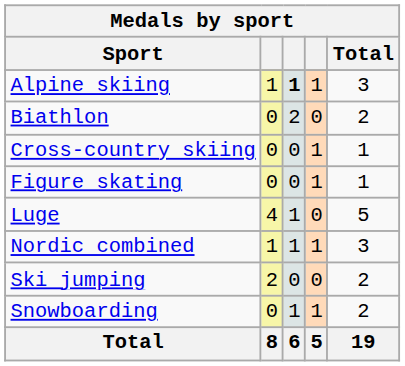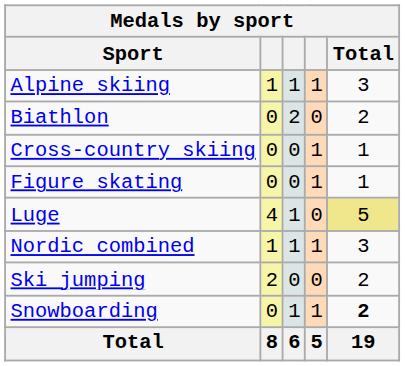 <table class="wikitable" style="font-size:85%; float:right;clear:right;">
 <tr>
 <th colspan=5>Medals by sport</th>
 </tr>
 <tr align=center>
 <th>Sport</th>
 <th bgcolor=#f7f6a8></th>
 <th bgcolor=#dce5e5></th>
 <th bgcolor=#ffdab9></th>
 <th>Total</th>
 </tr>
 <tr align=center>
 <td align=left><a href='#'>Alpine skiing</a></td>
 <td bgcolor=#f7f6a8>1</td>
-<td bgcolor=#dce5e5><strong>1</strong></td>
+<td bgcolor=#dce5e5>1</td>
 <td bgcolor=#ffdab9>1</td>
 <td>3</td>
 </tr>
 <tr align=center>
 <td align=left><a href='#'>Biathlon</a></td>
 <td bgcolor=#f7f6a8>0</td>
 <td bgcolor=#dce5e5>2</td>
 <td bgcolor=#ffdab9>0</td>
 <td>2</td>
 </tr>
 <tr align=center>
 <td align=left><a href='#'>Cross-country skiing</a></td>
 <td bgcolor=#f7f6a8>0</td>
 <td bgcolor=#dce5e5>0</td>
 <td bgcolor=#ffdab9>1</td>
 <td>1</td>
 </tr>
 <tr align=center>
 <td align=left><a href='#'>Figure skating</a></td>
 <td bgcolor=#f7f6a8>0</td>
 <td bgcolor=#dce5e5>0</td>
 <td bgcolor=#ffdab9>1</td>
 <td>1</td>
 </tr>
 <tr align=center>
 <td align=left><a href='#'>Luge</a></td>
 <td bgcolor=#f7f6a8>4</td>
 <td bgcolor=#dce5e5>1</td>
 <td bgcolor=#ffdab9>0</td>
-<td>5</td>
+<td style="background: khaki;">5</td>
 </tr>
 <tr align=center>
 <td align=left><a href='#'>Nordic combined</a></td>
 <td bgcolor=#f7f6a8>1</td>
 <td bgcolor=#dce5e5>1</td>
 <td bgcolor=#ffdab9>1</td>
 <td>3</td>
 </tr>
 <tr align=center>
 <td align=left><a href='#'>Ski jumping</a></td>
 <td bgcolor=#f7f6a8>2</td>
 <td bgcolor=#dce5e5>0</td>
 <td bgcolor=#ffdab9>0</td>
 <td>2</td>
 </tr>
 <tr align=center>
 <td align=left><a href='#'>Snowboarding</a></td>
 <td bgcolor=#f7f6a8>0</td>
 <td bgcolor=#dce5e5>1</td>
 <td bgcolor=#ffdab9>1</td>
-<td>2</td>
+<td><strong>2</strong></td>
 </tr>
 <tr align=center>
 <th bgcolor=#efefef>Total</th>
 <th bgcolor=#f7f6a8>8</th>
 <th bgcolor=#dce5e5>6</th>
 <th bgcolor=#ffdab9>5</th>
 <th>19</th>
 </tr>
 </table>
